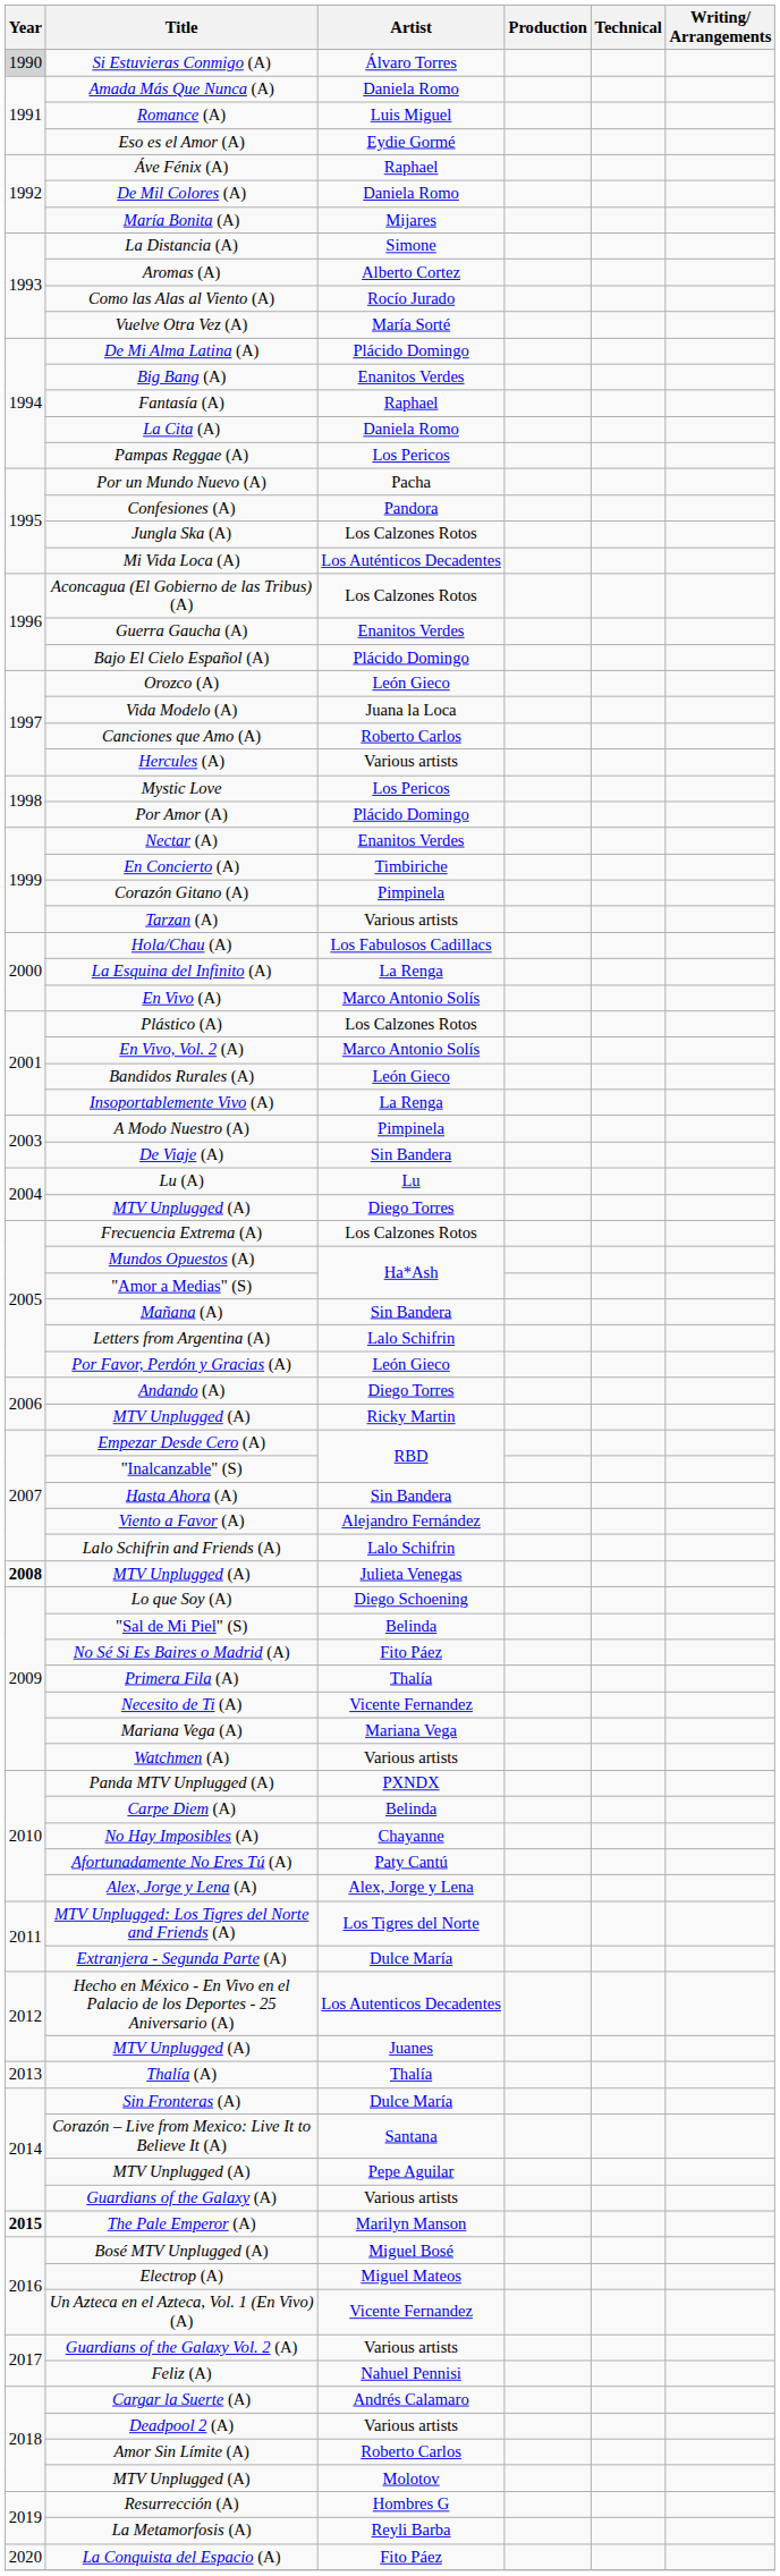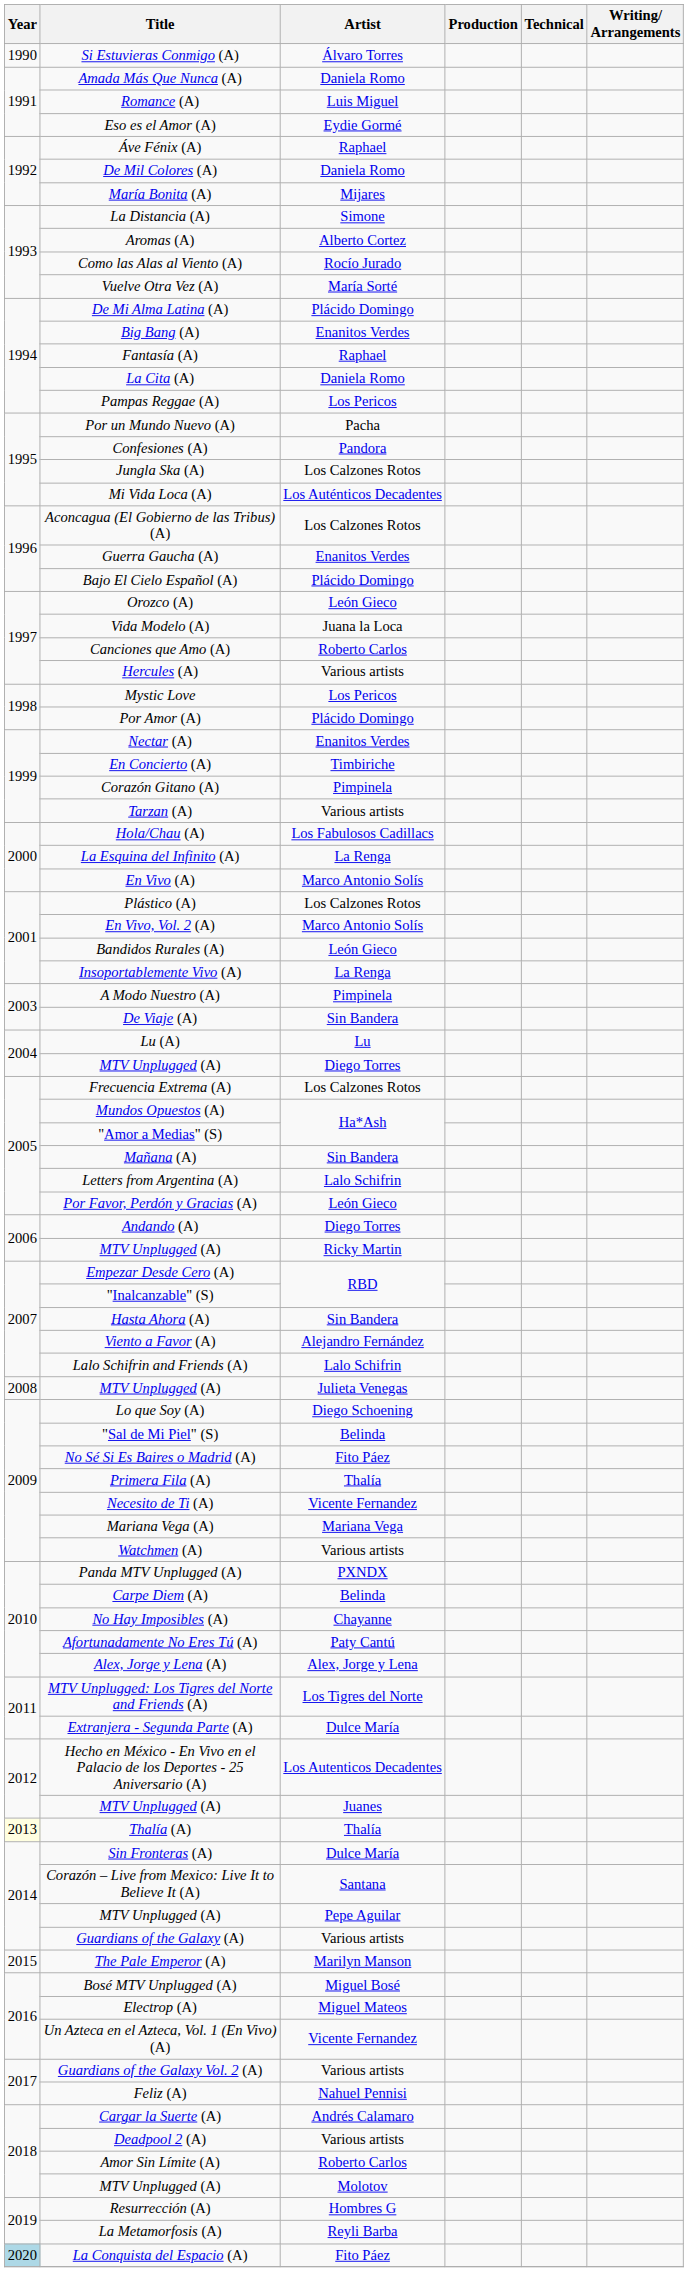 <table style="text-align:center;" class="wikitable plainrowheaders">
 <tr>
 <th scope="col">Year</th>
 <th scope="col" style="width:16em;">Title</th>
 <th scope="col">Artist</th>
 <th scope="col">Production</th>
 <th scope="col">Technical</th>
 <th scope="col">Writing/<br>Arrangements</th>
 </tr>
 <tr>
-<td style="background: lightgrey;">1990</td>
+<td>1990</td>
 <td><em><a href='#'>Si Estuvieras Conmigo</a></em> (A)</td>
 <td><a href='#'>Álvaro Torres</a></td>
 <td></td>
 <td></td>
 <td></td>
 </tr>
 <tr>
 <td rowspan="3">1991</td>
 <td><em><a href='#'>Amada Más Que Nunca</a></em> (A)</td>
 <td><a href='#'>Daniela Romo</a></td>
 <td></td>
 <td></td>
 <td></td>
 </tr>
 <tr>
 <td><em><a href='#'>Romance</a></em> (A)</td>
 <td><a href='#'>Luis Miguel</a></td>
 <td></td>
 <td></td>
 <td></td>
 </tr>
 <tr>
 <td><em>Eso es el Amor</em> (A)</td>
 <td><a href='#'>Eydie Gormé</a></td>
 <td></td>
 <td></td>
 <td></td>
 </tr>
 <tr>
 <td rowspan="3">1992</td>
 <td><em>Áve Fénix</em> (A)</td>
 <td><a href='#'>Raphael</a></td>
 <td></td>
 <td></td>
 <td></td>
 </tr>
 <tr>
 <td><em><a href='#'>De Mil Colores</a></em> (A)</td>
 <td><a href='#'>Daniela Romo</a></td>
 <td></td>
 <td></td>
 <td></td>
 </tr>
 <tr>
 <td><em><a href='#'>María Bonita</a></em> (A)</td>
 <td><a href='#'>Mijares</a></td>
 <td></td>
 <td></td>
 <td></td>
 </tr>
 <tr>
 <td rowspan="4">1993</td>
 <td><em>La Distancia</em> (A)</td>
 <td><a href='#'>Simone</a></td>
 <td></td>
 <td></td>
 <td></td>
 </tr>
 <tr>
 <td><em>Aromas</em> (A)</td>
 <td><a href='#'>Alberto Cortez</a></td>
 <td></td>
 <td></td>
 <td></td>
 </tr>
 <tr>
 <td><em>Como las Alas al Viento</em> (A)</td>
 <td><a href='#'>Rocío Jurado</a></td>
 <td></td>
 <td></td>
 <td></td>
 </tr>
 <tr>
 <td><em>Vuelve Otra Vez</em> (A)</td>
 <td><a href='#'>María Sorté</a></td>
 <td></td>
 <td></td>
 <td></td>
 </tr>
 <tr>
 <td rowspan="5">1994</td>
 <td><em><a href='#'>De Mi Alma Latina</a></em> (A)</td>
 <td><a href='#'>Plácido Domingo</a></td>
 <td></td>
 <td></td>
 <td></td>
 </tr>
 <tr>
 <td><em><a href='#'>Big Bang</a></em> (A)</td>
 <td><a href='#'>Enanitos Verdes</a></td>
 <td></td>
 <td></td>
 <td></td>
 </tr>
 <tr>
 <td><em>Fantasía</em>  (A)</td>
 <td><a href='#'>Raphael</a></td>
 <td></td>
 <td></td>
 <td></td>
 </tr>
 <tr>
 <td><em><a href='#'>La Cita</a></em> (A)</td>
 <td><a href='#'>Daniela Romo</a></td>
 <td></td>
 <td></td>
 <td></td>
 </tr>
 <tr>
 <td><em>Pampas Reggae</em> (A)</td>
 <td><a href='#'>Los Pericos</a></td>
 <td></td>
 <td></td>
 <td></td>
 </tr>
 <tr>
 <td rowspan="4">1995</td>
 <td><em>Por un Mundo Nuevo</em> (A)</td>
 <td>Pacha</td>
 <td></td>
 <td></td>
 <td></td>
 </tr>
 <tr>
 <td><em>Confesiones</em> (A)</td>
 <td><a href='#'>Pandora</a></td>
 <td></td>
 <td></td>
 <td></td>
 </tr>
 <tr>
 <td><em>Jungla Ska</em> (A)</td>
 <td>Los Calzones Rotos</td>
 <td></td>
 <td></td>
 <td></td>
 </tr>
 <tr>
 <td><em>Mi Vida Loca</em> (A)</td>
 <td><a href='#'>Los Auténticos Decadentes</a></td>
 <td></td>
 <td></td>
 <td></td>
 </tr>
 <tr>
 <td rowspan="3">1996</td>
 <td><em>Aconcagua (El Gobierno de las Tribus)</em> (A)</td>
 <td>Los Calzones Rotos</td>
 <td></td>
 <td></td>
 <td></td>
 </tr>
 <tr>
 <td><em>Guerra Gaucha</em> (A)</td>
 <td><a href='#'>Enanitos Verdes</a></td>
 <td></td>
 <td></td>
 <td></td>
 </tr>
 <tr>
 <td><em>Bajo El Cielo Español</em> (A)</td>
 <td><a href='#'>Plácido Domingo</a></td>
 <td></td>
 <td></td>
 <td></td>
 </tr>
 <tr>
 <td rowspan="4">1997</td>
 <td><em>Orozco</em> (A)</td>
 <td><a href='#'>León Gieco</a></td>
 <td></td>
 <td></td>
 <td></td>
 </tr>
 <tr>
 <td><em>Vida Modelo</em> (A)</td>
 <td>Juana la Loca</td>
 <td></td>
 <td></td>
 <td></td>
 </tr>
 <tr>
 <td><em>Canciones que Amo</em> (A)</td>
 <td><a href='#'>Roberto Carlos</a></td>
 <td></td>
 <td></td>
 <td></td>
 </tr>
 <tr>
 <td><em><a href='#'>Hercules</a></em> (A)</td>
 <td>Various artists</td>
 <td></td>
 <td></td>
 <td></td>
 </tr>
 <tr>
 <td rowspan="2">1998</td>
 <td><em>Mystic Love</em></td>
 <td><a href='#'>Los Pericos</a></td>
 <td></td>
 <td></td>
 <td></td>
 </tr>
 <tr>
 <td><em>Por Amor</em> (A)</td>
 <td><a href='#'>Plácido Domingo</a></td>
 <td></td>
 <td></td>
 <td></td>
 </tr>
 <tr>
 <td rowspan="4">1999</td>
 <td><em><a href='#'>Nectar</a></em> (A)</td>
 <td><a href='#'>Enanitos Verdes</a></td>
 <td></td>
 <td></td>
 <td></td>
 </tr>
 <tr>
 <td><em><a href='#'>En Concierto</a></em> (A)</td>
 <td><a href='#'>Timbiriche</a></td>
 <td></td>
 <td></td>
 <td></td>
 </tr>
 <tr>
 <td><em>Corazón Gitano</em> (A)</td>
 <td><a href='#'>Pimpinela</a></td>
 <td></td>
 <td></td>
 <td></td>
 </tr>
 <tr>
 <td><em><a href='#'>Tarzan</a></em> (A)</td>
 <td>Various artists</td>
 <td></td>
 <td></td>
 <td></td>
 </tr>
 <tr>
 <td rowspan="3">2000</td>
 <td><em><a href='#'>Hola/Chau</a></em> (A)</td>
 <td><a href='#'>Los Fabulosos Cadillacs</a></td>
 <td></td>
 <td></td>
 <td></td>
 </tr>
 <tr>
 <td><em><a href='#'>La Esquina del Infinito</a></em> (A)</td>
 <td><a href='#'>La Renga</a></td>
 <td></td>
 <td></td>
 <td></td>
 </tr>
 <tr>
 <td><em><a href='#'>En Vivo</a></em> (A)</td>
 <td><a href='#'>Marco Antonio Solís</a></td>
 <td></td>
 <td></td>
 <td></td>
 </tr>
 <tr>
 <td rowspan="4">2001</td>
 <td><em>Plástico</em> (A)</td>
 <td>Los Calzones Rotos</td>
 <td></td>
 <td></td>
 <td></td>
 </tr>
 <tr>
 <td><em><a href='#'>En Vivo, Vol. 2</a></em> (A)</td>
 <td><a href='#'>Marco Antonio Solís</a></td>
 <td></td>
 <td></td>
 <td></td>
 </tr>
 <tr>
 <td><em>Bandidos Rurales</em> (A)</td>
 <td><a href='#'>León Gieco</a></td>
 <td></td>
 <td></td>
 <td></td>
 </tr>
 <tr>
 <td><em><a href='#'>Insoportablemente Vivo</a></em> (A)</td>
 <td><a href='#'>La Renga</a></td>
 <td></td>
 <td></td>
 <td></td>
 </tr>
 <tr>
 <td rowspan="2">2003</td>
 <td><em>A Modo Nuestro</em> (A)</td>
 <td><a href='#'>Pimpinela</a></td>
 <td></td>
 <td></td>
 <td></td>
 </tr>
 <tr>
 <td><em><a href='#'>De Viaje</a></em> (A)</td>
 <td><a href='#'>Sin Bandera</a></td>
 <td></td>
 <td></td>
 <td></td>
 </tr>
 <tr>
 <td rowspan="2">2004</td>
 <td><em>Lu</em> (A)</td>
 <td><a href='#'>Lu</a></td>
 <td></td>
 <td></td>
 <td></td>
 </tr>
 <tr>
 <td><em><a href='#'>MTV Unplugged</a></em> (A)</td>
 <td><a href='#'>Diego Torres</a></td>
 <td></td>
 <td></td>
 <td></td>
 </tr>
 <tr>
 <td rowspan="6">2005</td>
 <td><em>Frecuencia Extrema</em> (A)</td>
 <td>Los Calzones Rotos</td>
 <td></td>
 <td></td>
 <td></td>
 </tr>
 <tr>
 <td><em><a href='#'>Mundos Opuestos</a></em> (A)</td>
 <td rowspan="2"><a href='#'>Ha*Ash</a></td>
 <td></td>
 <td></td>
 <td></td>
 </tr>
 <tr>
 <td>"<a href='#'>Amor a Medias</a>" (S)</td>
 <td></td>
 <td></td>
 <td></td>
 </tr>
 <tr>
 <td><em><a href='#'>Mañana</a></em> (A)</td>
 <td><a href='#'>Sin Bandera</a></td>
 <td></td>
 <td></td>
 <td></td>
 </tr>
 <tr>
 <td><em>Letters from Argentina</em> (A)</td>
 <td><a href='#'>Lalo Schifrin</a></td>
 <td></td>
 <td></td>
 <td></td>
 </tr>
 <tr>
 <td><em><a href='#'>Por Favor, Perdón y Gracias</a></em> (A)</td>
 <td><a href='#'>León Gieco</a></td>
 <td></td>
 <td></td>
 <td></td>
 </tr>
 <tr>
 <td rowspan="2">2006</td>
 <td><em><a href='#'>Andando</a></em> (A)</td>
 <td><a href='#'>Diego Torres</a></td>
 <td></td>
 <td></td>
 <td></td>
 </tr>
 <tr>
 <td><em><a href='#'>MTV Unplugged</a></em> (A)</td>
 <td><a href='#'>Ricky Martin</a></td>
 <td></td>
 <td></td>
 <td></td>
 </tr>
 <tr>
 <td rowspan="5">2007</td>
 <td><em><a href='#'>Empezar Desde Cero</a></em> (A)</td>
 <td rowspan="2"><a href='#'>RBD</a></td>
 <td></td>
 <td></td>
 <td></td>
 </tr>
 <tr>
 <td>"<a href='#'>Inalcanzable</a>" (S)</td>
 <td></td>
 <td></td>
 <td></td>
 </tr>
 <tr>
 <td><em><a href='#'>Hasta Ahora</a></em> (A)</td>
 <td><a href='#'>Sin Bandera</a></td>
 <td></td>
 <td></td>
 <td></td>
 </tr>
 <tr>
 <td><em><a href='#'>Viento a Favor</a></em> (A)</td>
 <td><a href='#'>Alejandro Fernández</a></td>
 <td></td>
 <td></td>
 <td></td>
 </tr>
 <tr>
 <td><em>Lalo Schifrin and Friends</em> (A)</td>
 <td><a href='#'>Lalo Schifrin</a></td>
 <td></td>
 <td></td>
 <td></td>
 </tr>
 <tr>
-<td><strong>2008</strong></td>
+<td>2008</td>
 <td><em><a href='#'>MTV Unplugged</a></em> (A)</td>
 <td><a href='#'>Julieta Venegas</a></td>
 <td></td>
 <td></td>
 <td></td>
 </tr>
 <tr>
 <td rowspan="7">2009</td>
 <td><em>Lo que Soy</em> (A)</td>
 <td><a href='#'>Diego Schoening</a></td>
 <td></td>
 <td></td>
 <td></td>
 </tr>
 <tr>
 <td>"<a href='#'>Sal de Mi Piel</a>" (S)</td>
 <td><a href='#'>Belinda</a></td>
 <td></td>
 <td></td>
 <td></td>
 </tr>
 <tr>
 <td><em><a href='#'>No Sé Si Es Baires o Madrid</a></em> (A)</td>
 <td><a href='#'>Fito Páez</a></td>
 <td></td>
 <td></td>
 <td></td>
 </tr>
 <tr>
 <td><em><a href='#'>Primera Fila</a></em> (A)</td>
 <td><a href='#'>Thalía</a></td>
 <td></td>
 <td></td>
 <td></td>
 </tr>
 <tr>
 <td><em><a href='#'>Necesito de Ti</a></em> (A)</td>
 <td><a href='#'>Vicente Fernandez</a></td>
 <td></td>
 <td></td>
 <td></td>
 </tr>
 <tr>
 <td><em>Mariana Vega</em> (A)</td>
 <td><a href='#'>Mariana Vega</a></td>
 <td></td>
 <td></td>
 <td></td>
 </tr>
 <tr>
 <td><em><a href='#'>Watchmen</a></em> (A)</td>
 <td>Various artists</td>
 <td></td>
 <td></td>
 <td></td>
 </tr>
 <tr>
 <td rowspan="5">2010</td>
 <td><em>Panda MTV Unplugged</em> (A)</td>
 <td><a href='#'>PXNDX</a></td>
 <td></td>
 <td></td>
 <td></td>
 </tr>
 <tr>
 <td><em><a href='#'>Carpe Diem</a></em> (A)</td>
 <td><a href='#'>Belinda</a></td>
 <td></td>
 <td></td>
 <td></td>
 </tr>
 <tr>
 <td><em><a href='#'>No Hay Imposibles</a></em> (A)</td>
 <td><a href='#'>Chayanne</a></td>
 <td></td>
 <td></td>
 <td></td>
 </tr>
 <tr>
 <td><em><a href='#'>Afortunadamente No Eres Tú</a></em> (A)</td>
 <td><a href='#'>Paty Cantú</a></td>
 <td></td>
 <td></td>
 <td></td>
 </tr>
 <tr>
 <td><em><a href='#'>Alex, Jorge y Lena</a></em> (A)</td>
 <td><a href='#'>Alex, Jorge y Lena</a></td>
 <td></td>
 <td></td>
 <td></td>
 </tr>
 <tr>
 <td rowspan="2">2011</td>
 <td><em><a href='#'>MTV Unplugged: Los Tigres del Norte and Friends</a></em> (A)</td>
 <td><a href='#'>Los Tigres del Norte</a></td>
 <td></td>
 <td></td>
 <td></td>
 </tr>
 <tr>
 <td><em><a href='#'>Extranjera - Segunda Parte</a></em> (A)</td>
 <td><a href='#'>Dulce María</a></td>
 <td></td>
 <td></td>
 <td></td>
 </tr>
 <tr>
 <td rowspan="2">2012</td>
 <td><em>Hecho en México - En Vivo en el Palacio de los Deportes - 25 Aniversario</em> (A)</td>
 <td><a href='#'>Los Autenticos Decadentes</a></td>
 <td></td>
 <td></td>
 <td></td>
 </tr>
 <tr>
 <td><em><a href='#'>MTV Unplugged</a></em> (A)</td>
 <td><a href='#'>Juanes</a></td>
 <td></td>
 <td></td>
 <td></td>
 </tr>
 <tr>
-<td>2013</td>
+<td style="background: lightyellow;">2013</td>
 <td><em><a href='#'>Thalía</a></em> (A)</td>
 <td><a href='#'>Thalía</a></td>
 <td></td>
 <td></td>
 <td></td>
 </tr>
 <tr>
 <td rowspan="4">2014</td>
 <td><em><a href='#'>Sin Fronteras</a></em> (A)</td>
 <td><a href='#'>Dulce María</a></td>
 <td></td>
 <td></td>
 <td></td>
 </tr>
 <tr>
 <td><em>Corazón – Live from Mexico: Live It to Believe It</em> (A)</td>
 <td><a href='#'>Santana</a></td>
 <td></td>
 <td></td>
 <td></td>
 </tr>
 <tr>
 <td><em>MTV Unplugged</em> (A)</td>
 <td><a href='#'>Pepe Aguilar</a></td>
 <td></td>
 <td></td>
 <td></td>
 </tr>
 <tr>
 <td><em><a href='#'>Guardians of the Galaxy</a></em> (A)</td>
 <td>Various artists</td>
 <td></td>
 <td></td>
 <td></td>
 </tr>
 <tr>
-<td><strong>2015</strong></td>
+<td>2015</td>
 <td><em><a href='#'>The Pale Emperor</a></em> (A)</td>
 <td><a href='#'>Marilyn Manson</a></td>
 <td></td>
 <td></td>
 <td></td>
 </tr>
 <tr>
 <td rowspan="3">2016</td>
 <td><em>Bosé MTV Unplugged</em> (A)</td>
 <td><a href='#'>Miguel Bosé</a></td>
 <td></td>
 <td></td>
 <td></td>
 </tr>
 <tr>
 <td><em>Electrop</em> (A)</td>
 <td><a href='#'>Miguel Mateos</a></td>
 <td></td>
 <td></td>
 <td></td>
 </tr>
 <tr>
 <td><em>Un Azteca en el Azteca, Vol. 1 (En Vivo)</em> (A)</td>
 <td><a href='#'>Vicente Fernandez</a></td>
 <td></td>
 <td></td>
 <td></td>
 </tr>
 <tr>
 <td rowspan="2">2017</td>
 <td><em><a href='#'>Guardians of the Galaxy Vol. 2</a></em> (A)</td>
 <td>Various artists</td>
 <td></td>
 <td></td>
 <td></td>
 </tr>
 <tr>
 <td><em>Feliz</em> (A)</td>
 <td><a href='#'>Nahuel Pennisi</a></td>
 <td></td>
 <td></td>
 <td></td>
 </tr>
 <tr>
 <td rowspan="4">2018</td>
 <td><em><a href='#'>Cargar la Suerte</a></em> (A)</td>
 <td><a href='#'>Andrés Calamaro</a></td>
 <td></td>
 <td></td>
 <td></td>
 </tr>
 <tr>
 <td><em><a href='#'>Deadpool 2</a></em> (A)</td>
 <td>Various artists</td>
 <td></td>
 <td></td>
 <td></td>
 </tr>
 <tr>
 <td><em>Amor Sin Límite</em> (A)</td>
 <td><a href='#'>Roberto Carlos</a></td>
 <td></td>
 <td></td>
 <td></td>
 </tr>
 <tr>
 <td><em>MTV Unplugged</em> (A)</td>
 <td><a href='#'>Molotov</a></td>
 <td></td>
 <td></td>
 <td></td>
 </tr>
 <tr>
 <td rowspan="2">2019</td>
 <td><em>Resurrección</em> (A)</td>
 <td><a href='#'>Hombres G</a></td>
 <td></td>
 <td></td>
 <td></td>
 </tr>
 <tr>
 <td><em>La Metamorfosis</em> (A)</td>
 <td><a href='#'>Reyli Barba</a></td>
 <td></td>
 <td></td>
 <td></td>
 </tr>
 <tr>
-<td>2020</td>
+<td style="background: lightblue;">2020</td>
 <td><em><a href='#'>La Conquista del Espacio</a></em> (A)</td>
 <td><a href='#'>Fito Páez</a></td>
 <td></td>
 <td></td>
 <td></td>
 </tr>
 <tr>
 </tr>
 </table>
